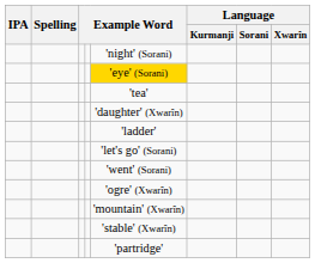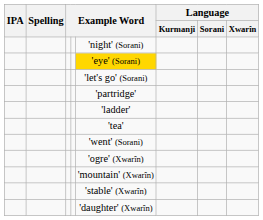 <table class="wikitable" style="text-align: center;">
 <tr>
 <th rowspan=2>IPA</th>
 <th rowspan=2>Spelling</th>
 <th rowspan=2 colspan=3>Example Word</th>
 <th colspan=3>Language</th>
 </tr>
 <tr>
 <th><small>Kurmanji</small></th>
 <th><small>Sorani</small></th>
 <th><small>Xwarîn</small></th>
 </tr>
 <tr>
 <td></td>
 <td></td>
 <td></td>
 <td></td>
 <td>'night' <small>(Sorani)</small></td>
 <td></td>
 <td></td>
 <td></td>
 </tr>
 <tr>
 <td></td>
 <td></td>
 <td></td>
 <td></td>
 <td style="background: gold;">'eye' <small>(Sorani)</small></td>
 <td></td>
 <td></td>
 <td></td>
 </tr>
 <tr>
 <td></td>
 <td></td>
 <td></td>
 <td></td>
-<td>'tea'</td>
+<td>'let's go' <small>(Sorani)</small></td>
 <td></td>
 <td></td>
 <td></td>
 </tr>
 <tr>
 <td></td>
 <td></td>
 <td></td>
 <td></td>
-<td>'daughter' <small>(Xwarîn)</small></td>
+<td>'partridge'</td>
 <td></td>
 <td></td>
 <td></td>
 </tr>
 <tr>
 <td></td>
 <td></td>
 <td></td>
 <td><br></td>
 <td>'ladder'</td>
 <td></td>
 <td></td>
 <td></td>
 </tr>
 <tr>
 <td></td>
 <td></td>
 <td></td>
 <td></td>
-<td>'let's go' <small>(Sorani)</small></td>
+<td>'tea'</td>
 <td></td>
 <td></td>
 <td></td>
 </tr>
 <tr>
 <td></td>
 <td></td>
 <td></td>
 <td></td>
 <td>'went' <small>(Sorani)</small></td>
 <td></td>
 <td></td>
 <td></td>
 </tr>
 <tr>
 <td></td>
 <td></td>
 <td></td>
 <td></td>
 <td>'ogre' <small>(Xwarîn)</small></td>
 <td></td>
 <td></td>
 <td></td>
 </tr>
 <tr>
 <td></td>
 <td><em></em></td>
 <td></td>
 <td></td>
 <td>'mountain' <small>(Xwarîn)</small></td>
 <td></td>
 <td></td>
 <td></td>
 </tr>
 <tr>
 <td></td>
 <td></td>
 <td></td>
 <td></td>
 <td>'stable' <small>(Xwarîn)</small></td>
 <td></td>
 <td></td>
 <td></td>
 </tr>
 <tr>
 <td></td>
 <td></td>
 <td></td>
 <td></td>
-<td>'partridge'</td>
+<td>'daughter' <small>(Xwarîn)</small></td>
 <td></td>
 <td></td>
 <td></td>
 </tr>
 </table>
